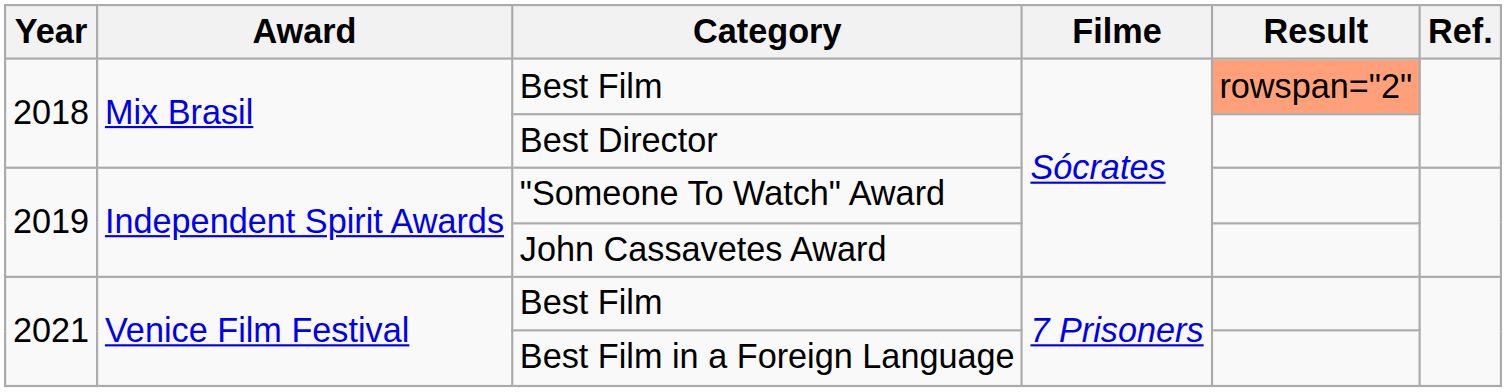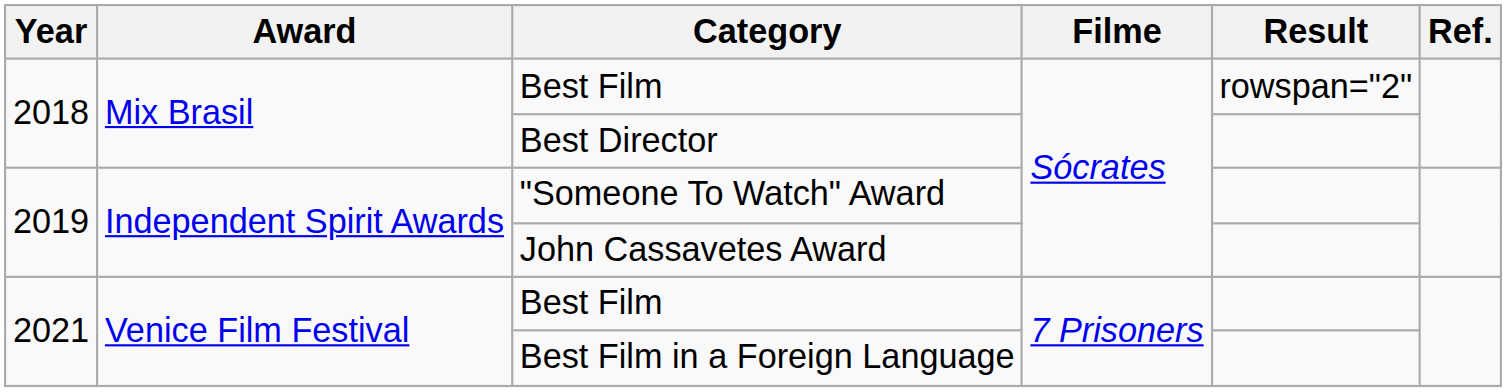 <table class="wikitable">
 <tr>
 <th>Year</th>
 <th>Award</th>
 <th>Category</th>
 <th>Filme</th>
 <th>Result</th>
 <th>Ref.</th>
 </tr>
 <tr>
 <td rowspan="2">2018</td>
 <td rowspan="2"><a href='#'>Mix Brasil</a></td>
 <td>Best Film</td>
 <td rowspan="4"><em><a href='#'>Sócrates</a></em></td>
-<td style="background: lightsalmon;">rowspan="2" </td>
+<td>rowspan="2" </td>
 <td rowspan="2"></td>
 </tr>
 <tr>
 <td>Best Director</td>
 </tr>
 <tr>
 <td rowspan="2">2019</td>
 <td rowspan="2"><a href='#'>Independent Spirit Awards</a></td>
 <td>"Someone To Watch" Award</td>
 <td></td>
 <td rowspan="2"></td>
 </tr>
 <tr>
 <td>John Cassavetes Award</td>
 <td></td>
 </tr>
 <tr>
 <td rowspan="2">2021</td>
 <td rowspan="2"><a href='#'>Venice Film Festival</a></td>
 <td>Best Film</td>
 <td rowspan="2"><em><a href='#'>7 Prisoners</a></em></td>
 <td></td>
 <td rowspan="2"></td>
 </tr>
 <tr>
 <td Best Film in a Foreign Language>Best Film in a Foreign Language</td>
 <td></td>
 </tr>
 </table>
